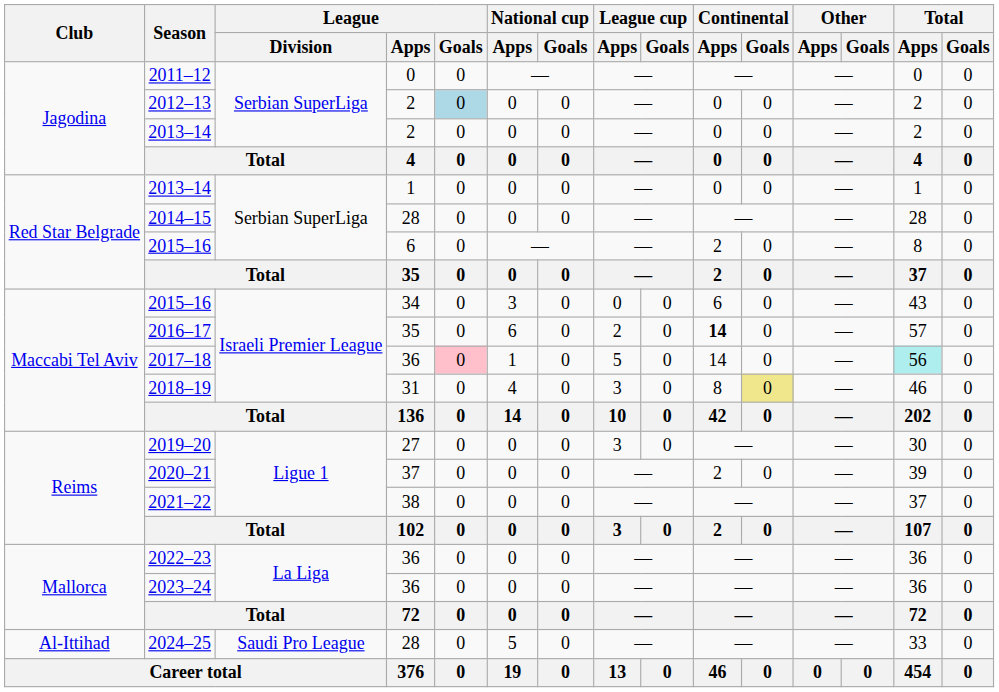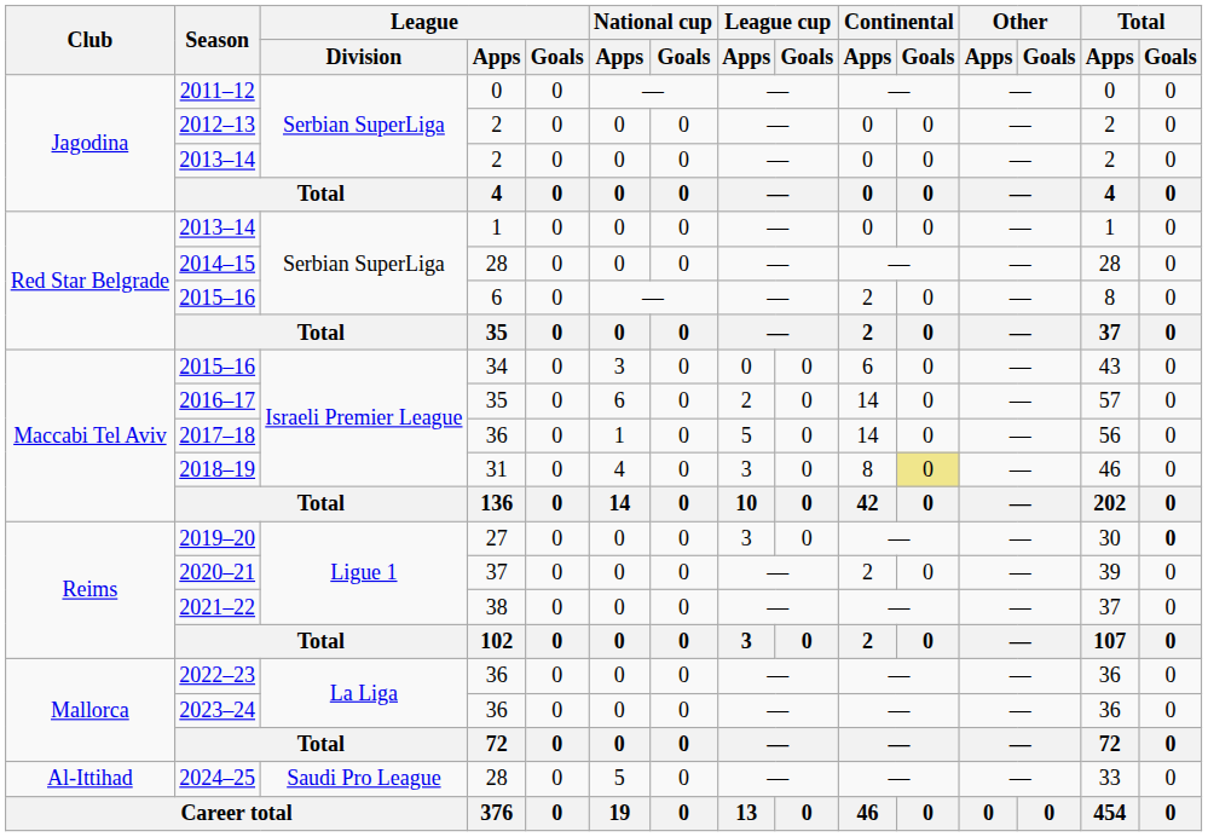 <table class="wikitable" style="text-align: center">
 <tr>
 <th rowspan="2">Club</th>
 <th rowspan="2">Season</th>
 <th colspan="3">League</th>
 <th colspan="2">National cup</th>
 <th colspan="2">League cup</th>
 <th colspan="2">Continental</th>
 <th colspan="2">Other</th>
 <th colspan="2">Total</th>
 </tr>
 <tr>
 <th>Division</th>
 <th>Apps</th>
 <th>Goals</th>
 <th>Apps</th>
 <th>Goals</th>
 <th>Apps</th>
 <th>Goals</th>
 <th>Apps</th>
 <th>Goals</th>
 <th>Apps</th>
 <th>Goals</th>
 <th>Apps</th>
 <th>Goals</th>
 </tr>
 <tr>
 <td rowspan="4"><a href='#'>Jagodina</a></td>
 <td><a href='#'>2011–12</a></td>
 <td rowspan="3"><a href='#'>Serbian SuperLiga</a></td>
 <td>0</td>
 <td>0</td>
 <td colspan="2">—</td>
 <td colspan="2">—</td>
 <td colspan="2">—</td>
 <td colspan="2">—</td>
 <td>0</td>
 <td>0</td>
 </tr>
 <tr>
 <td><a href='#'>2012–13</a></td>
 <td>2</td>
-<td style="background: lightblue;">0</td>
+<td>0</td>
 <td>0</td>
 <td>0</td>
 <td colspan="2">—</td>
 <td>0</td>
 <td>0</td>
 <td colspan="2">—</td>
 <td>2</td>
 <td>0</td>
 </tr>
 <tr>
 <td><a href='#'>2013–14</a></td>
 <td>2</td>
 <td>0</td>
 <td>0</td>
 <td>0</td>
 <td colspan="2">—</td>
 <td>0</td>
 <td>0</td>
 <td colspan="2">—</td>
 <td>2</td>
 <td>0</td>
 </tr>
 <tr>
 <th colspan="2">Total</th>
 <th>4</th>
 <th>0</th>
 <th>0</th>
 <th>0</th>
 <th colspan="2">—</th>
 <th>0</th>
 <th>0</th>
 <th colspan="2">—</th>
 <th>4</th>
 <th>0</th>
 </tr>
 <tr>
 <td rowspan="4"><a href='#'>Red Star Belgrade</a></td>
 <td><a href='#'>2013–14</a></td>
 <td rowspan="3">Serbian SuperLiga</td>
 <td>1</td>
 <td>0</td>
 <td>0</td>
 <td>0</td>
 <td colspan="2">—</td>
 <td>0</td>
 <td>0</td>
 <td colspan="2">—</td>
 <td>1</td>
 <td>0</td>
 </tr>
 <tr>
 <td><a href='#'>2014–15</a></td>
 <td>28</td>
 <td>0</td>
 <td>0</td>
 <td>0</td>
 <td colspan="2">—</td>
 <td colspan="2">—</td>
 <td colspan="2">—</td>
 <td>28</td>
 <td>0</td>
 </tr>
 <tr>
 <td><a href='#'>2015–16</a></td>
 <td>6</td>
 <td>0</td>
 <td colspan="2">—</td>
 <td colspan="2">—</td>
 <td>2</td>
 <td>0</td>
 <td colspan="2">—</td>
 <td>8</td>
 <td>0</td>
 </tr>
 <tr>
 <th colspan="2">Total</th>
 <th>35</th>
 <th>0</th>
 <th>0</th>
 <th>0</th>
 <th colspan="2">—</th>
 <th>2</th>
 <th>0</th>
 <th colspan="2">—</th>
 <th>37</th>
 <th>0</th>
 </tr>
 <tr>
 <td rowspan="5"><a href='#'>Maccabi Tel Aviv</a></td>
 <td><a href='#'>2015–16</a></td>
 <td rowspan="4"><a href='#'>Israeli Premier League</a></td>
 <td>34</td>
 <td>0</td>
 <td>3</td>
 <td>0</td>
 <td>0</td>
 <td>0</td>
 <td>6</td>
 <td>0</td>
 <td colspan="2">—</td>
 <td>43</td>
 <td>0</td>
 </tr>
 <tr>
 <td><a href='#'>2016–17</a></td>
 <td>35</td>
 <td>0</td>
 <td>6</td>
 <td>0</td>
 <td>2</td>
 <td>0</td>
-<td><strong>14</strong></td>
+<td>14</td>
 <td>0</td>
 <td colspan="2">—</td>
 <td>57</td>
 <td>0</td>
 </tr>
 <tr>
 <td><a href='#'>2017–18</a></td>
 <td>36</td>
-<td style="background: pink;">0</td>
+<td>0</td>
 <td>1</td>
 <td>0</td>
 <td>5</td>
 <td>0</td>
 <td>14</td>
 <td>0</td>
 <td colspan="2">—</td>
-<td style="background: paleturquoise;">56</td>
+<td>56</td>
 <td>0</td>
 </tr>
 <tr>
 <td><a href='#'>2018–19</a></td>
 <td>31</td>
 <td>0</td>
 <td>4</td>
 <td>0</td>
 <td>3</td>
 <td>0</td>
 <td>8</td>
 <td style="background: khaki;">0</td>
 <td colspan="2">—</td>
 <td>46</td>
 <td>0</td>
 </tr>
 <tr>
 <th colspan="2">Total</th>
 <th>136</th>
 <th>0</th>
 <th>14</th>
 <th>0</th>
 <th>10</th>
 <th>0</th>
 <th>42</th>
 <th>0</th>
 <th colspan="2">—</th>
 <th>202</th>
 <th>0</th>
 </tr>
 <tr>
 <td rowspan="4"><a href='#'>Reims</a></td>
 <td><a href='#'>2019–20</a></td>
 <td rowspan="3"><a href='#'>Ligue 1</a></td>
 <td>27</td>
 <td>0</td>
 <td>0</td>
 <td>0</td>
 <td>3</td>
 <td>0</td>
 <td colspan="2">—</td>
 <td colspan="2">—</td>
 <td>30</td>
-<td>0</td>
+<td><strong>0</strong></td>
 </tr>
 <tr>
 <td><a href='#'>2020–21</a></td>
 <td>37</td>
 <td>0</td>
 <td>0</td>
 <td>0</td>
 <td colspan="2">—</td>
 <td>2</td>
 <td>0</td>
 <td colspan="2">—</td>
 <td>39</td>
 <td>0</td>
 </tr>
 <tr>
 <td><a href='#'>2021–22</a></td>
 <td>38</td>
 <td>0</td>
 <td>0</td>
 <td>0</td>
 <td colspan="2">—</td>
 <td colspan="2">—</td>
 <td colspan="2">—</td>
 <td>37</td>
 <td>0</td>
 </tr>
 <tr>
 <th colspan="2">Total</th>
 <th>102</th>
 <th>0</th>
 <th>0</th>
 <th>0</th>
 <th>3</th>
 <th>0</th>
 <th>2</th>
 <th>0</th>
 <th colspan="2">—</th>
 <th>107</th>
 <th>0</th>
 </tr>
 <tr>
 <td rowspan="3"><a href='#'>Mallorca</a></td>
 <td><a href='#'>2022–23</a></td>
 <td rowspan="2"><a href='#'>La Liga</a></td>
 <td>36</td>
 <td>0</td>
 <td>0</td>
 <td>0</td>
 <td colspan="2">—</td>
 <td colspan="2">—</td>
 <td colspan="2">—</td>
 <td>36</td>
 <td>0</td>
 </tr>
 <tr>
 <td><a href='#'>2023–24</a></td>
 <td>36</td>
 <td>0</td>
 <td>0</td>
 <td>0</td>
 <td colspan="2">—</td>
 <td colspan="2">—</td>
 <td colspan="2">—</td>
 <td>36</td>
 <td>0</td>
 </tr>
 <tr>
 <th colspan="2">Total</th>
 <th>72</th>
 <th>0</th>
 <th>0</th>
 <th>0</th>
 <th colspan="2">—</th>
 <th colspan="2">—</th>
 <th colspan="2">—</th>
 <th>72</th>
 <th>0</th>
 </tr>
 <tr>
 <td><a href='#'>Al-Ittihad</a></td>
 <td><a href='#'>2024–25</a></td>
 <td><a href='#'>Saudi Pro League</a></td>
 <td>28</td>
 <td>0</td>
 <td>5</td>
 <td>0</td>
 <td colspan="2">—</td>
 <td colspan="2">—</td>
 <td colspan="2">—</td>
 <td>33</td>
 <td>0</td>
 </tr>
 <tr>
 <th colspan="3">Career total</th>
 <th>376</th>
 <th>0</th>
 <th>19</th>
 <th>0</th>
 <th>13</th>
 <th>0</th>
 <th>46</th>
 <th>0</th>
 <th>0</th>
 <th>0</th>
 <th>454</th>
 <th>0</th>
 </tr>
 </table>
